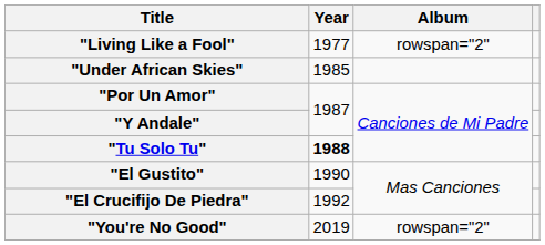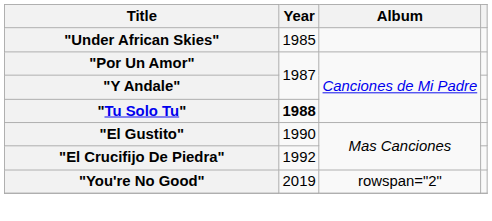 <table class="wikitable plainrowheaders" style="text-align:center;">
 <tr>
 <th style="width:18em;">Title</th>
 <th>Year</th>
 <th>Album</th>
 <th></th>
-</tr>
-<tr>
-<th scope="row">"Living Like a Fool"</th>
-<td>1977</td>
-<td>rowspan="2" </td>
-<td align="center"></td>
 </tr>
 <tr>
 <th scope="row">"Under African Skies"<br></th>
 <td>1985</td>
 <td align="center"></td>
 </tr>
 <tr>
 <th scope="row">"Por Un Amor"</th>
 <td rowspan="2">1987</td>
 <td rowspan="3"><em><a href='#'>Canciones de Mi Padre</a></em></td>
 <td align="center"></td>
 </tr>
 <tr>
 <th scope="row">"Y Andale"</th>
 <td align="center"></td>
 </tr>
 <tr>
 <th scope="row">"<a href='#'>Tu Solo Tu</a>"</th>
 <td><strong>1988</strong></td>
 <td align="center"></td>
 </tr>
 <tr>
 <th scope="row">"El Gustito"</th>
 <td>1990</td>
 <td rowspan="2"><em>Mas Canciones</em></td>
 <td align="center"></td>
 </tr>
 <tr>
 <th scope="row">"El Crucifijo De Piedra"</th>
 <td>1992</td>
 <td align="center"></td>
 </tr>
 <tr>
 <th scope="row">"You're No Good" </th>
 <td>2019</td>
 <td>rowspan="2" </td>
 <td align="center"></td>
 </tr>
 <tr>
 </tr>
 </table>
